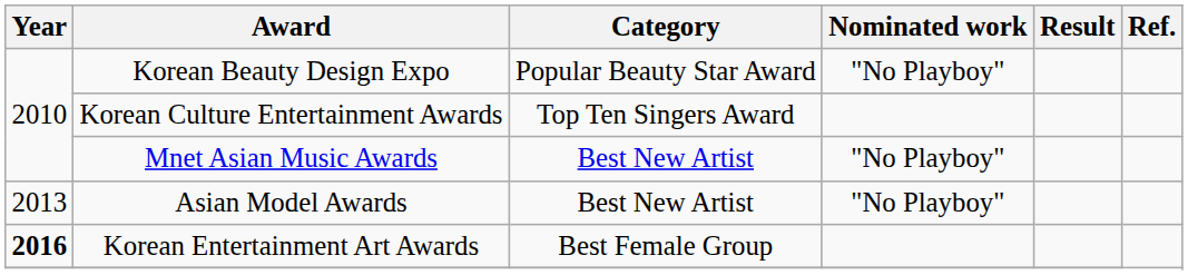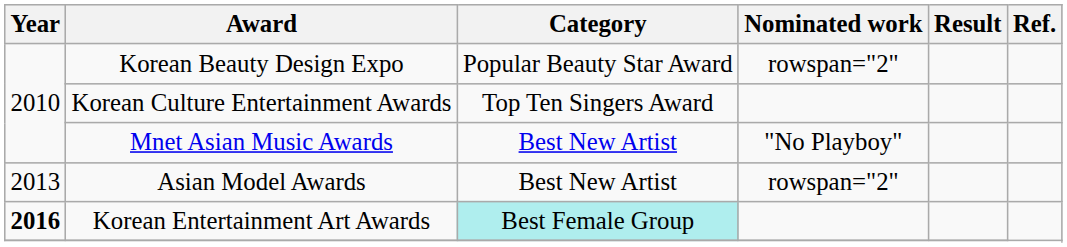 <table class="wikitable plainrowheaders" style="text-align:center;">
 <tr>
 <th>Year</th>
 <th>Award</th>
 <th>Category</th>
 <th>Nominated work</th>
 <th>Result</th>
 <th>Ref.</th>
 </tr>
 <tr>
 <td rowspan="3">2010</td>
 <td>Korean Beauty Design Expo</td>
 <td>Popular Beauty Star Award</td>
-<td>"No Playboy"</td>
+<td>rowspan="2" </td>
 <td></td>
 <td></td>
 </tr>
 <tr>
 <td>Korean Culture Entertainment Awards</td>
 <td>Top Ten Singers Award</td>
 <td></td>
 <td></td>
 </tr>
 <tr>
 <td><a href='#'>Mnet Asian Music Awards</a></td>
 <td><a href='#'>Best New Artist</a></td>
 <td>"No Playboy"</td>
 <td></td>
 <td></td>
 </tr>
 <tr>
 <td>2013</td>
 <td>Asian Model Awards</td>
 <td>Best New Artist</td>
-<td>"No Playboy"</td>
+<td>rowspan="2" </td>
 <td></td>
 <td></td>
 </tr>
 <tr>
 <td><strong>2016</strong></td>
 <td>Korean Entertainment Art Awards</td>
-<td>Best Female Group</td>
+<td style="background: paleturquoise;">Best Female Group</td>
 <td></td>
 <td></td>
 </tr>
 <tr>
 </tr>
 </table>
